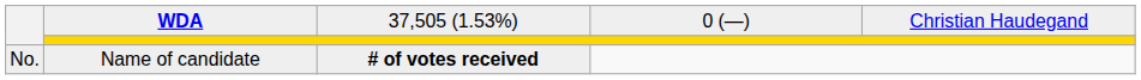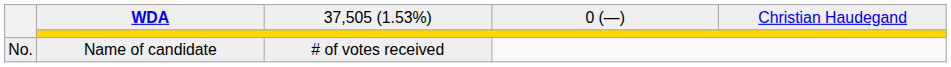 <table class="wikitable collapsible collapsed" style=text-align:left;font-size:90%>
 <tr>
 <th rowspan=2></th>
 <td bgcolor=efefef width=200 align=center><strong> <a href='#'>WDA</a> </strong></td>
 <td bgcolor=efefef width=200 align=center>37,505 (1.53%)</td>
 <td bgcolor=efefef width=200 align=center>0 (—)</td>
 <td bgcolor=efefef width=200 align=center><a href='#'>Christian Haudegand</a></td>
 </tr>
 <tr>
 <td colspan=4 bgcolor=gold></td>
 </tr>
 <tr>
 <td bgcolor=efefef align=center>No.</td>
 <td bgcolor=efefef align=center>Name of candidate</td>
-<td bgcolor=efefef align=center><strong># of votes received</strong></td>
+<td bgcolor=efefef align=center># of votes received</td>
 </tr>
 </table>
